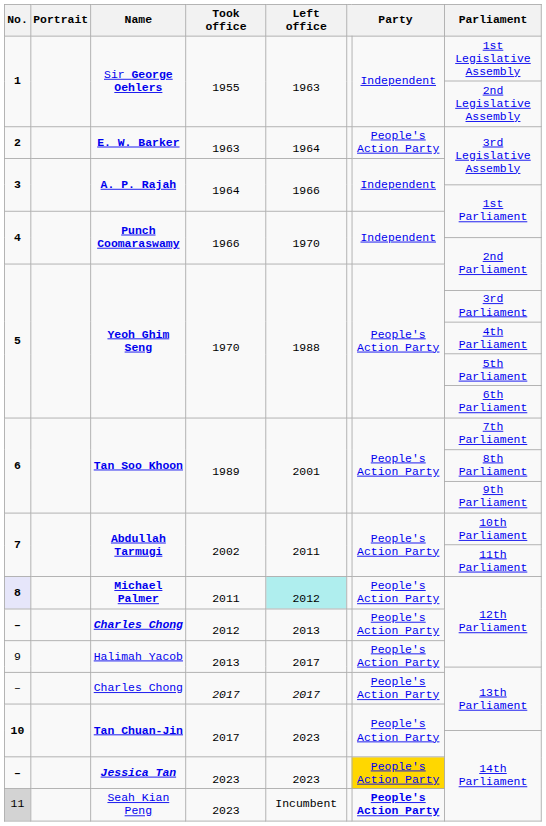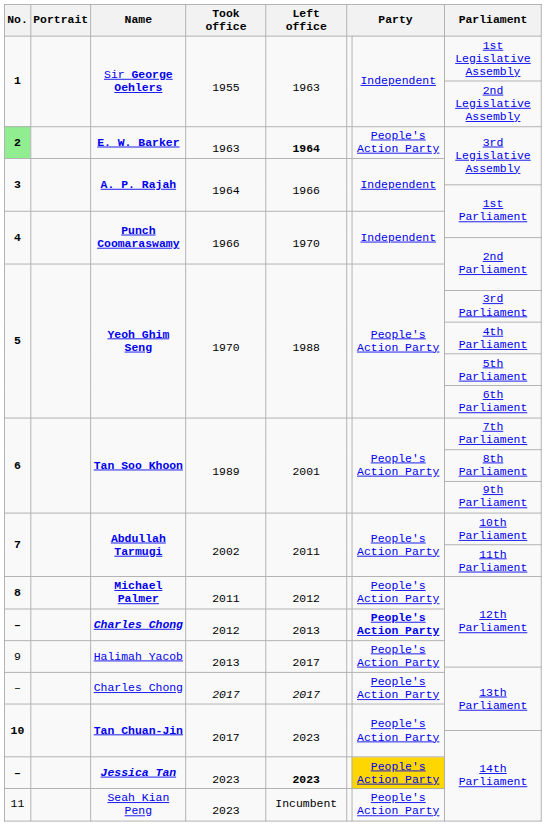 <table class="wikitable" style="text-align:center; border:1px #aaf solid;">
 <tr>
 <th>No.</th>
 <th>Portrait</th>
 <th>Name<br></th>
 <th width="85">Took office</th>
 <th width="85">Left office</th>
 <th colspan="2">Party</th>
 <th>Parliament</th>
 </tr>
 <tr>
 <td rowspan="2"><strong>1</strong></td>
 <td rowspan="2"></td>
 <td rowspan="2"><a href='#'>Sir <strong>George Oehlers</strong></a><br></td>
 <td rowspan="2"><br>1955</td>
 <td rowspan="2"><br>1963</td>
 <td rowspan="2" style="background:"></td>
 <td rowspan="2"><a href='#'>Independent</a></td>
 <td><a href='#'>1st Legislative Assembly</a></td>
 </tr>
 <tr>
 <td><a href='#'>2nd Legislative Assembly</a></td>
 </tr>
 <tr>
-<td><strong>2</strong></td>
+<td style="background: lightgreen;"><strong>2</strong></td>
 <td></td>
 <td><strong><a href='#'>E. W. Barker</a></strong><br></td>
 <td><br>1963</td>
-<td><br>1964</td>
+<td><strong><br>1964</strong></td>
 <td style="background:"></td>
 <td><a href='#'>People's Action Party</a></td>
 <td rowspan="2"><a href='#'>3rd Legislative Assembly</a></td>
 </tr>
 <tr style="height:30px;">
 <td rowspan="2"><strong>3</strong></td>
 <td rowspan="2"></td>
 <td rowspan="2"><strong><a href='#'>A. P. Rajah</a></strong><br></td>
 <td rowspan="2"><br>1964</td>
 <td rowspan="2"><br>1966</td>
 <td rowspan="2" style="background:"></td>
 <td rowspan="2"><a href='#'>Independent</a></td>
 </tr>
 <tr style="height:30px;">
 <td rowspan="2"><a href='#'>1st Parliament</a></td>
 </tr>
 <tr style="height:30px;">
 <td rowspan="2"><strong>4</strong></td>
 <td rowspan="2"></td>
 <td rowspan="2"><strong><a href='#'>Punch Coomaraswamy</a></strong><br></td>
 <td rowspan="2"><br>1966</td>
 <td rowspan="2"><br>1970</td>
 <td rowspan="2" style="background:"></td>
 <td rowspan="2"><a href='#'>Independent</a></td>
 </tr>
 <tr style="height:30px;">
 <td rowspan="2"><a href='#'>2nd Parliament</a></td>
 </tr>
 <tr style="height:30px;">
 <td rowspan="5"><strong>5</strong></td>
 <td rowspan="5"></td>
 <td rowspan="5"><strong><a href='#'>Yeoh Ghim Seng</a></strong><br></td>
 <td rowspan="5"><br>1970</td>
 <td rowspan="5"><br>1988</td>
 <td rowspan="5" style="background:"></td>
 <td rowspan="5"><a href='#'>People's Action Party</a></td>
 </tr>
 <tr>
 <td><a href='#'>3rd Parliament</a></td>
 </tr>
 <tr>
 <td><a href='#'>4th Parliament</a></td>
 </tr>
 <tr>
 <td><a href='#'>5th Parliament</a></td>
 </tr>
 <tr>
 <td><a href='#'>6th Parliament</a></td>
 </tr>
 <tr>
 <td rowspan="3"><strong>6</strong></td>
 <td rowspan="3"></td>
 <td rowspan="3"><strong><a href='#'>Tan Soo Khoon</a></strong><br></td>
 <td rowspan="3"><br>1989</td>
 <td rowspan="3"><br>2001</td>
 <td rowspan="3" style="background:"></td>
 <td rowspan="3"><a href='#'>People's Action Party</a></td>
 <td><a href='#'>7th Parliament</a></td>
 </tr>
 <tr>
 <td><a href='#'>8th Parliament</a></td>
 </tr>
 <tr>
 <td><a href='#'>9th Parliament</a></td>
 </tr>
 <tr>
 <td rowspan="2"><strong>7</strong></td>
 <td rowspan="2"></td>
 <td rowspan="2"><strong><a href='#'>Abdullah Tarmugi</a></strong><br></td>
 <td rowspan="2"><br>2002</td>
 <td rowspan="2"><br>2011</td>
 <td rowspan="2" style="background:"></td>
 <td rowspan="2"><a href='#'>People's Action Party</a></td>
 <td><a href='#'>10th Parliament</a></td>
 </tr>
 <tr>
 <td><a href='#'>11th Parliament</a></td>
 </tr>
 <tr>
-<td style="background: lavender;"><strong>8</strong></td>
+<td><strong>8</strong></td>
 <td></td>
 <td><a href='#'><strong>Michael Palmer</strong></a><br></td>
 <td><br>2011</td>
-<td style="background: paleturquoise;"><br>2012</td>
+<td><br>2012</td>
 <td style="background:"></td>
 <td><a href='#'>People's Action Party</a></td>
 <td rowspan="3"><a href='#'>12th Parliament</a></td>
 </tr>
 <tr>
 <td><strong>–</strong></td>
 <td></td>
 <td><strong><em><a href='#'>Charles Chong</a><strong><br><em></td>
 <td></em><br>2012<em></td>
 <td></em><br>2013<em></td>
 <td style="background:"></td>
-<td><a href='#'>People's Action Party</a></td>
+<td><strong><a href='#'>People's Action Party</a></strong></td>
 </tr>
 <tr style="height:30px;">
 <td rowspan="2"></strong>9<strong></td>
 <td rowspan="2"></td>
 <td rowspan="2"></strong><a href='#'>Halimah Yacob</a><strong><br></td>
 <td rowspan="2"><br>2013</td>
 <td rowspan="2"><br>2017</td>
 <td rowspan="2" style="background:"></td>
 <td rowspan="2"><a href='#'>People's Action Party</a></td>
 </tr>
 <tr>
 <td rowspan="3"><a href='#'>13th Parliament</a></td>
 </tr>
 <tr>
 <td></strong>–<strong></td>
 <td></td>
 <td></em></strong><a href='#'>Charles Chong</a></strong><br></em></td>
 <td><em><br>2017</em></td>
 <td><em><br>2017</em></td>
 <td style="background:"></td>
 <td><a href='#'>People's Action Party</a></td>
 </tr>
 <tr style="height:30px;">
 <td rowspan="2"><strong>10</strong></td>
 <td rowspan="2"></td>
 <td rowspan="2"><strong><a href='#'>Tan Chuan-Jin</a></strong><br></td>
 <td rowspan="2"><br>2017</td>
 <td rowspan="2"><br>2023</td>
 <td rowspan="2" style="background:"></td>
 <td rowspan="2"><a href='#'>People's Action Party</a></td>
 </tr>
 <tr style="height:30px;">
 <td rowspan="3"><a href='#'>14th Parliament</a></td>
 </tr>
 <tr style="height:30px;">
 <td><strong>–</strong></td>
 <td></td>
 <td><strong><em><a href='#'>Jessica Tan</a><strong><br><em></td>
 <td></em><br>2023<em></td>
-<td></em><br>2023<em></td>
+<td><strong></em><br>2023<em></strong></td>
 <td style="background:"></td>
 <td style="background: gold;"><a href='#'>People's Action Party</a></td>
 </tr>
 <tr>
-<td style="background: lightgrey;"></strong>11<strong></td>
+<td></strong>11<strong></td>
 <td></td>
 <td></strong><a href='#'>Seah Kian Peng</a><strong><br></td>
 <td><br>2023</td>
 <td>Incumbent</td>
 <td style="background:"></td>
-<td><strong><a href='#'>People's Action Party</a></strong></td>
+<td><a href='#'>People's Action Party</a></td>
 </tr>
 </table>
